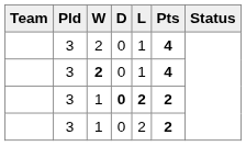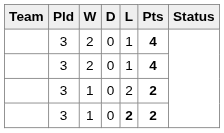 <table style=border-collapse:collapse border=1 cellspacing=0 cellpadding=5>
 <tr align=center bgcolor=#efefef>
 <th>Team</th>
 <th>Pld</th>
 <th>W</th>
 <th>D</th>
 <th>L</th>
 <th>Pts</th>
 <th>Status</th>
 </tr>
 <tr align=center style="background:#FFFFFF;">
 <td style="text-align:left;"> </td>
 <td>3</td>
 <td>2</td>
 <td>0</td>
 <td>1</td>
 <td><strong>4</strong></td>
 <td rowspan=4></td>
 </tr>
 <tr align=center style="background:#FFFFFF;">
 <td style="text-align:left;"> </td>
 <td>3</td>
-<td><strong>2</strong></td>
+<td>2</td>
 <td>0</td>
 <td>1</td>
 <td><strong>4</strong></td>
-</tr>
-<tr align=center style="background:#FFFFFF;">
-<td style="text-align:left;"> </td>
-<td>3</td>
-<td>1</td>
-<td><strong>0</strong></td>
-<td><strong>2</strong></td>
-<td><strong>2</strong></td>
 </tr>
 <tr align=center style="background:#FFFFFF;">
 <td style="text-align:left;"> </td>
 <td>3</td>
 <td>1</td>
 <td>0</td>
 <td>2</td>
 <td><strong>2</strong></td>
 </tr>
+<tr align=center style="background:#FFFFFF;">
+<td style="text-align:left;"> </td>
+<td>3</td>
+<td>1</td>
+<td>0</td>
+<td><strong>2</strong></td>
+<td><strong>2</strong></td>
+</tr>
 </table>
